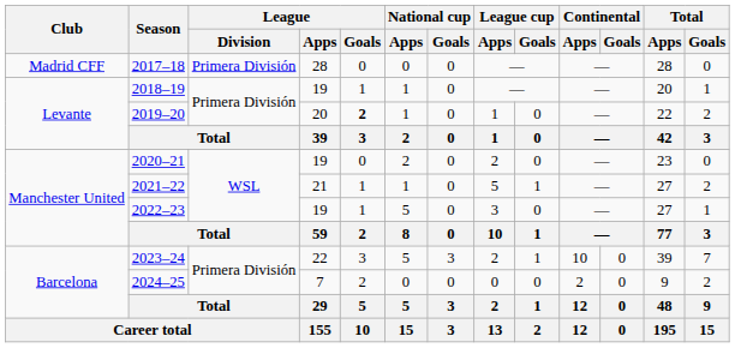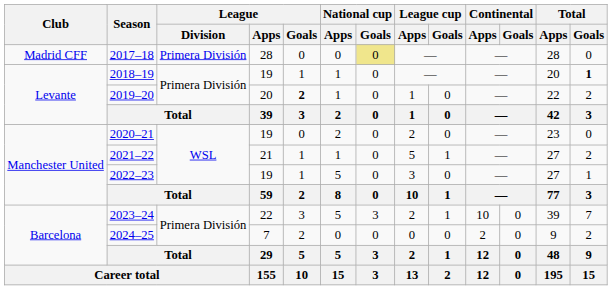 <table class="wikitable" style="text-align:center">
 <tr>
 <th rowspan="2">Club</th>
 <th rowspan="2">Season</th>
 <th colspan="3">League</th>
 <th colspan="2">National cup</th>
 <th colspan="2">League cup</th>
 <th colspan="2">Continental</th>
 <th colspan="2">Total</th>
 </tr>
 <tr>
 <th>Division</th>
 <th>Apps</th>
 <th>Goals</th>
 <th>Apps</th>
 <th>Goals</th>
 <th>Apps</th>
 <th>Goals</th>
 <th>Apps</th>
 <th>Goals</th>
 <th>Apps</th>
 <th>Goals</th>
 </tr>
 <tr>
 <td><a href='#'>Madrid CFF</a></td>
 <td><a href='#'>2017–18</a></td>
 <td><a href='#'>Primera División</a></td>
 <td>28</td>
 <td>0</td>
 <td>0</td>
-<td>0</td>
+<td style="background: khaki;">0</td>
 <td colspan="2">—</td>
 <td colspan="2">—</td>
 <td>28</td>
 <td>0</td>
 </tr>
 <tr>
 <td rowspan="3"><a href='#'>Levante</a></td>
 <td><a href='#'>2018–19</a></td>
 <td rowspan="2">Primera División</td>
 <td>19</td>
 <td>1</td>
 <td>1</td>
 <td>0</td>
 <td colspan="2">—</td>
 <td colspan="2">—</td>
 <td>20</td>
-<td>1</td>
+<td><strong>1</strong></td>
 </tr>
 <tr>
 <td><a href='#'>2019–20</a></td>
 <td>20</td>
 <td><strong>2</strong></td>
 <td>1</td>
 <td>0</td>
 <td>1</td>
 <td>0</td>
 <td colspan="2">—</td>
 <td>22</td>
 <td>2</td>
 </tr>
 <tr>
 <th colspan="2">Total</th>
 <th>39</th>
 <th>3</th>
 <th>2</th>
 <th>0</th>
 <th>1</th>
 <th>0</th>
 <th colspan="2">—</th>
 <th>42</th>
 <th>3</th>
 </tr>
 <tr>
 <td rowspan="4"><a href='#'>Manchester United</a></td>
 <td><a href='#'>2020–21</a></td>
 <td rowspan="3"><a href='#'>WSL</a></td>
 <td>19</td>
 <td>0</td>
 <td>2</td>
 <td>0</td>
 <td>2</td>
 <td>0</td>
 <td colspan="2">—</td>
 <td>23</td>
 <td>0</td>
 </tr>
 <tr>
 <td><a href='#'>2021–22</a></td>
 <td>21</td>
 <td>1</td>
 <td>1</td>
 <td>0</td>
 <td>5</td>
 <td>1</td>
 <td colspan="2">—</td>
 <td>27</td>
 <td>2</td>
 </tr>
 <tr>
 <td><a href='#'>2022–23</a></td>
 <td>19</td>
 <td>1</td>
 <td>5</td>
 <td>0</td>
 <td>3</td>
 <td>0</td>
 <td colspan="2">—</td>
 <td>27</td>
 <td>1</td>
 </tr>
 <tr>
 <th colspan="2">Total</th>
 <th>59</th>
 <th>2</th>
 <th>8</th>
 <th>0</th>
 <th>10</th>
 <th>1</th>
 <th colspan="2">—</th>
 <th>77</th>
 <th>3</th>
 </tr>
 <tr>
 <td rowspan="3"><a href='#'>Barcelona</a></td>
 <td><a href='#'>2023–24</a></td>
 <td rowspan="2">Primera División</td>
 <td>22</td>
 <td>3</td>
 <td>5</td>
 <td>3</td>
 <td>2</td>
 <td>1</td>
 <td>10</td>
 <td>0</td>
 <td>39</td>
 <td>7</td>
 </tr>
 <tr>
 <td><a href='#'>2024–25</a></td>
 <td>7</td>
 <td>2</td>
 <td>0</td>
 <td>0</td>
 <td>0</td>
 <td>0</td>
 <td>2</td>
 <td>0</td>
 <td>9</td>
 <td>2</td>
 </tr>
 <tr>
 <th colspan="2">Total</th>
 <th>29</th>
 <th>5</th>
 <th>5</th>
 <th>3</th>
 <th>2</th>
 <th>1</th>
 <th>12</th>
 <th>0</th>
 <th>48</th>
 <th>9</th>
 </tr>
 <tr>
 <th colspan="3">Career total</th>
 <th>155</th>
 <th>10</th>
 <th>15</th>
 <th>3</th>
 <th>13</th>
 <th>2</th>
 <th>12</th>
 <th>0</th>
 <th>195</th>
 <th>15</th>
 </tr>
 </table>
